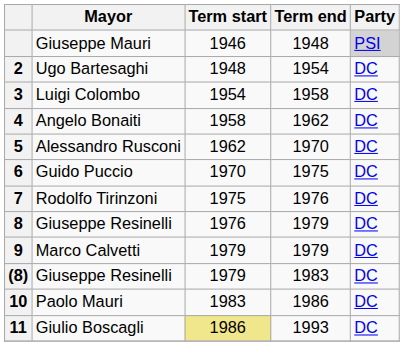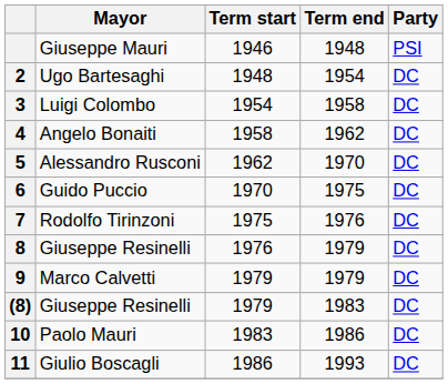 <table class="wikitable">
 <tr>
 <th class=unsortable> </th>
 <th>Mayor</th>
 <th>Term start</th>
 <th>Term end</th>
 <th>Party</th>
 </tr>
 <tr>
 <th style="background:"></th>
 <td>Giuseppe Mauri</td>
 <td align=center>1946</td>
 <td align=center>1948</td>
-<td style="background: lightgrey;"><a href='#'>PSI</a></td>
+<td><a href='#'>PSI</a></td>
 </tr>
 <tr>
 <th style="background:">2</th>
 <td>Ugo Bartesaghi</td>
 <td align=center>1948</td>
 <td align=center>1954</td>
 <td><a href='#'>DC</a></td>
 </tr>
 <tr>
 <th style="background:">3</th>
 <td>Luigi Colombo</td>
 <td align=center>1954</td>
 <td align=center>1958</td>
 <td><a href='#'>DC</a></td>
 </tr>
 <tr>
 <th style="background:">4</th>
 <td>Angelo Bonaiti</td>
 <td align=center>1958</td>
 <td align=center>1962</td>
 <td><a href='#'>DC</a></td>
 </tr>
 <tr>
 <th style="background:">5</th>
 <td>Alessandro Rusconi</td>
 <td align=center>1962</td>
 <td align=center>1970</td>
 <td><a href='#'>DC</a></td>
 </tr>
 <tr>
 <th style="background:">6</th>
 <td>Guido Puccio</td>
 <td align=center>1970</td>
 <td align=center>1975</td>
 <td><a href='#'>DC</a></td>
 </tr>
 <tr>
 <th style="background:">7</th>
 <td>Rodolfo Tirinzoni</td>
 <td align=center>1975</td>
 <td align=center>1976</td>
 <td><a href='#'>DC</a></td>
 </tr>
 <tr>
 <th style="background:">8</th>
 <td>Giuseppe Resinelli</td>
 <td align=center>1976</td>
 <td align=center>1979</td>
 <td><a href='#'>DC</a></td>
 </tr>
 <tr>
 <th style="background:">9</th>
 <td>Marco Calvetti</td>
 <td align=center>1979</td>
 <td align=center>1979</td>
 <td><a href='#'>DC</a></td>
 </tr>
 <tr>
 <th style="background:">(8)</th>
 <td>Giuseppe Resinelli</td>
 <td align=center>1979</td>
 <td align=center>1983</td>
 <td><a href='#'>DC</a></td>
 </tr>
 <tr>
 <th style="background:">10</th>
 <td>Paolo Mauri</td>
 <td align=center>1983</td>
 <td align=center>1986</td>
 <td><a href='#'>DC</a></td>
 </tr>
 <tr>
 <th style="background:">11</th>
 <td>Giulio Boscagli</td>
-<td align=center style="background: khaki;">1986</td>
+<td align=center>1986</td>
 <td align=center>1993</td>
 <td><a href='#'>DC</a></td>
 </tr>
 <tr>
 </tr>
 </table>
